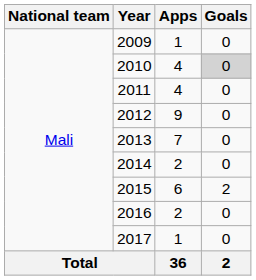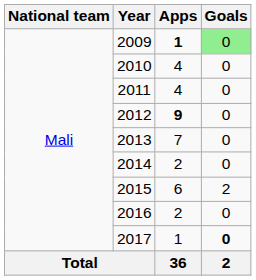 <table class="wikitable" style="text-align:center">
 <tr>
 <th>National team</th>
 <th>Year</th>
 <th>Apps</th>
 <th>Goals</th>
 </tr>
 <tr>
 <td rowspan="9"><a href='#'>Mali</a></td>
 <td>2009</td>
-<td>1</td>
-<td>0</td>
+<td><strong>1</strong></td>
+<td style="background: lightgreen;">0</td>
 </tr>
 <tr>
 <td>2010</td>
 <td>4</td>
-<td style="background: lightgrey;">0</td>
+<td>0</td>
 </tr>
 <tr>
 <td>2011</td>
 <td>4</td>
 <td>0</td>
 </tr>
 <tr>
 <td>2012</td>
-<td>9</td>
+<td><strong>9</strong></td>
 <td>0</td>
 </tr>
 <tr>
 <td>2013</td>
 <td>7</td>
 <td>0</td>
 </tr>
 <tr>
 <td>2014</td>
 <td>2</td>
 <td>0</td>
 </tr>
 <tr>
 <td>2015</td>
 <td>6</td>
 <td>2</td>
 </tr>
 <tr>
 <td>2016</td>
 <td>2</td>
 <td>0</td>
 </tr>
 <tr>
 <td>2017</td>
 <td>1</td>
-<td>0</td>
+<td><strong>0</strong></td>
 </tr>
 <tr>
 <th colspan="2">Total</th>
 <th>36</th>
 <th>2</th>
 </tr>
 </table>
